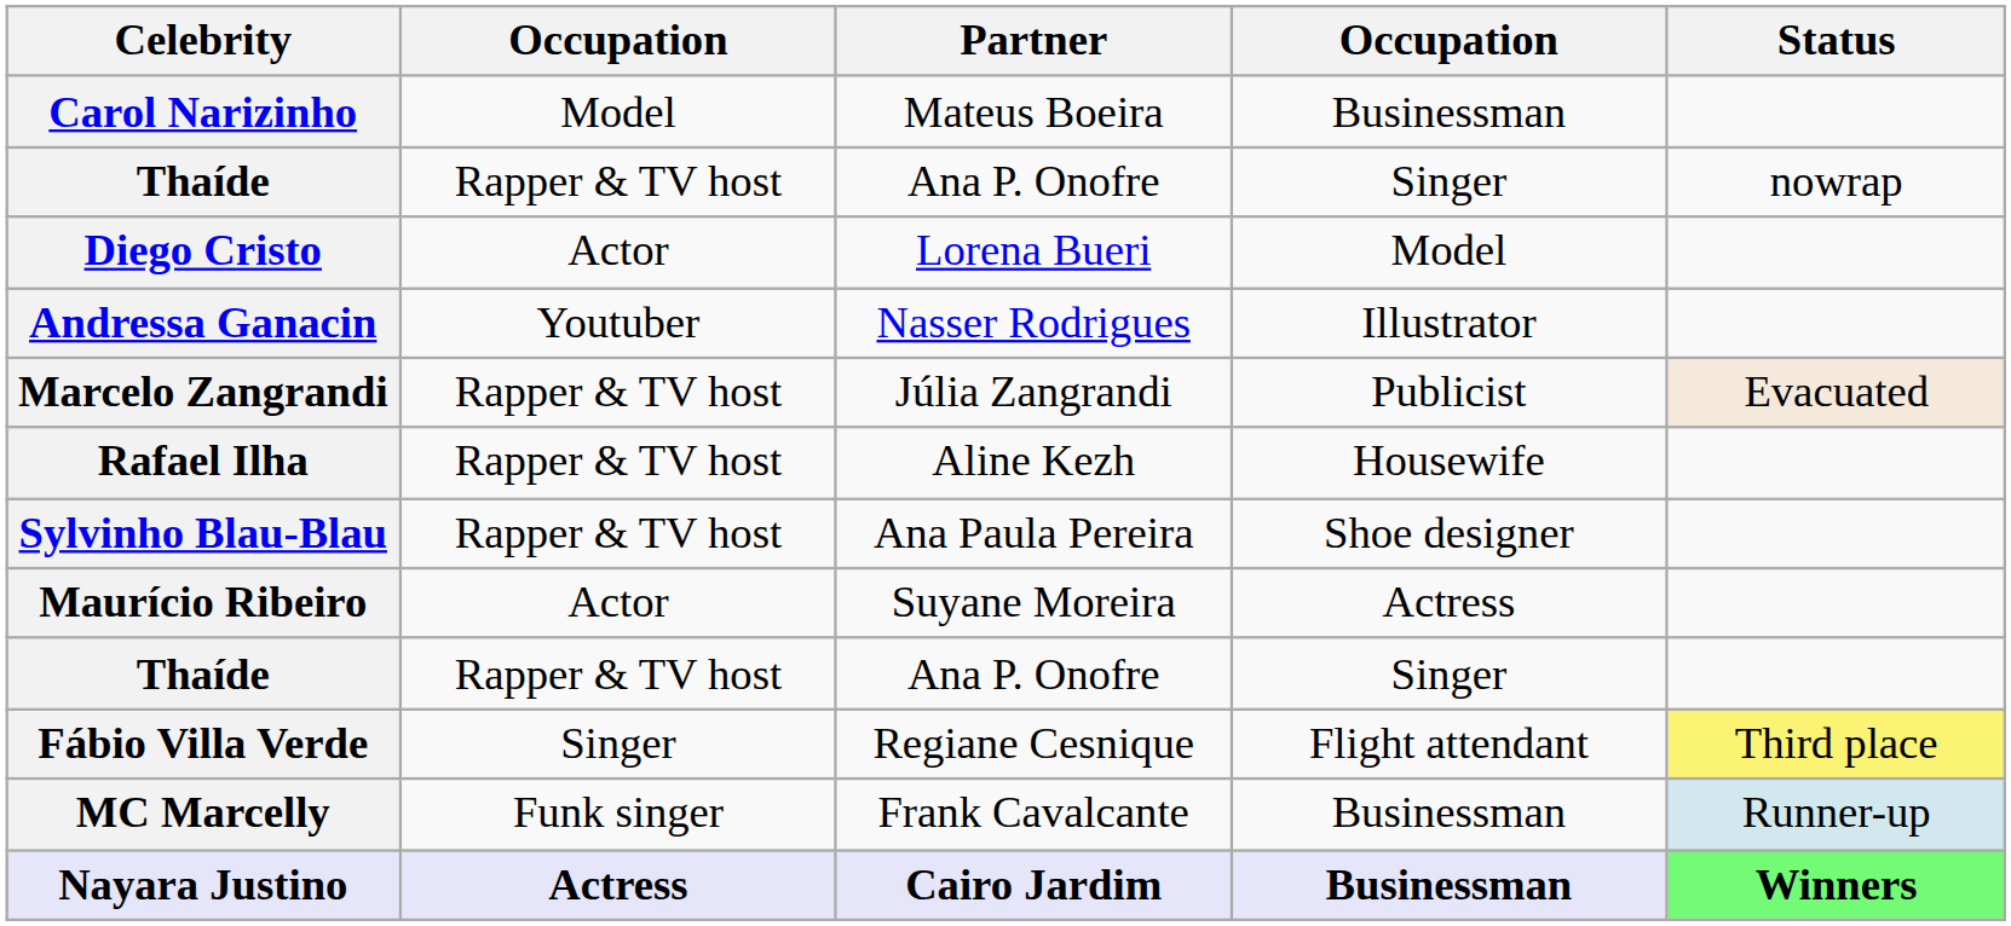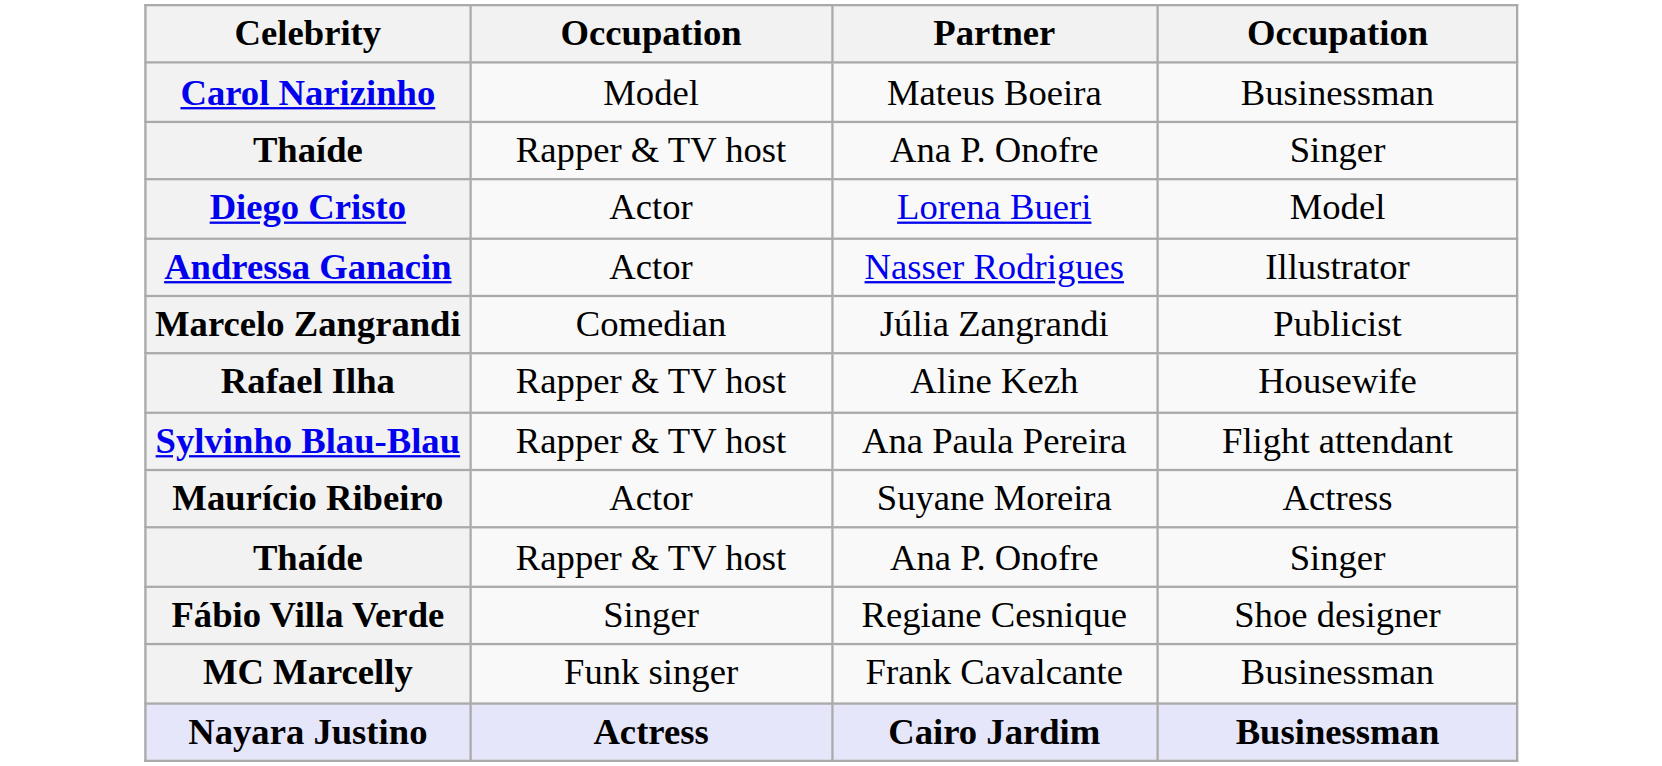 <table class= "wikitable sortable" style="text-align: center; margin:auto; align: center">
 <tr>
 <th width=135>Celebrity</th>
 <th width=150>Occupation</th>
 <th width=135>Partner</th>
 <th width=150>Occupation</th>
-<th width=115>Status</th>
 </tr>
 <tr>
 <th><a href='#'>Carol Narizinho</a></th>
 <td>Model</td>
 <td>Mateus Boeira</td>
 <td>Businessman</td>
-<td></td>
 </tr>
 <tr>
 <th>Thaíde<br></th>
 <td>Rapper & TV host</td>
 <td>Ana P. Onofre<br></td>
 <td>Singer</td>
-<td>nowrap </td>
 </tr>
 <tr>
 <th><a href='#'>Diego Cristo</a></th>
 <td>Actor</td>
 <td><a href='#'>Lorena Bueri</a></td>
 <td>Model</td>
-<td></td>
 </tr>
 <tr>
 <th><a href='#'>Andressa Ganacin</a></th>
-<td>Youtuber</td>
+<td>Actor</td>
 <td><a href='#'>Nasser Rodrigues</a></td>
 <td>Illustrator</td>
-<td></td>
 </tr>
 <tr>
 <th nowrap>Marcelo Zangrandi</th>
-<td>Rapper & TV host</td>
+<td>Comedian</td>
 <td>Júlia Zangrandi</td>
 <td>Publicist</td>
-<td bgcolor=f5e9dc>Evacuated<br></td>
 </tr>
 <tr>
 <th>Rafael Ilha</th>
 <td>Rapper & TV host</td>
 <td>Aline Kezh</td>
 <td>Housewife</td>
-<td></td>
 </tr>
 <tr>
 <th><a href='#'>Sylvinho Blau-Blau</a></th>
 <td>Rapper & TV host</td>
 <td>Ana Paula Pereira</td>
-<td>Shoe designer</td>
-<td></td>
+<td>Flight attendant</td>
 </tr>
 <tr>
 <th>Maurício Ribeiro</th>
 <td>Actor</td>
 <td>Suyane Moreira</td>
 <td>Actress</td>
-<td></td>
 </tr>
 <tr>
 <th>Thaíde</th>
 <td>Rapper & TV host</td>
 <td>Ana P. Onofre</td>
 <td>Singer</td>
-<td></td>
 </tr>
 <tr>
 <th>Fábio Villa Verde</th>
 <td>Singer</td>
 <td nowrap>Regiane Cesnique</td>
-<td>Flight attendant</td>
-<td bgcolor=FBF373>Third place<br></td>
+<td>Shoe designer</td>
 </tr>
 <tr>
 <th>MC Marcelly</th>
 <td>Funk singer</td>
 <td>Frank Cavalcante</td>
 <td>Businessman</td>
-<td bgcolor=D1E8EF>Runner-up<br></td>
 </tr>
 <tr>
 <td bgcolor="E6E6FA"><strong>Nayara Justino</strong></td>
 <td bgcolor="E6E6FA"><strong>Actress</strong></td>
 <td bgcolor="E6E6FA"><strong>Cairo Jardim</strong></td>
 <td bgcolor="E6E6FA"><strong>Businessman</strong></td>
-<td bgcolor=73FB76><strong>Winners</strong><br></td>
 </tr>
 </table>
